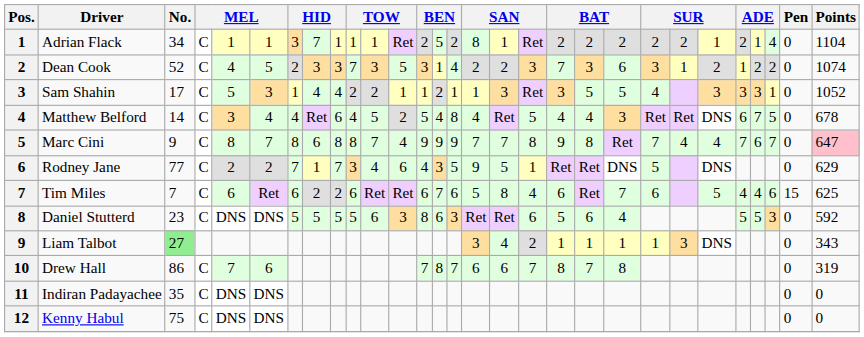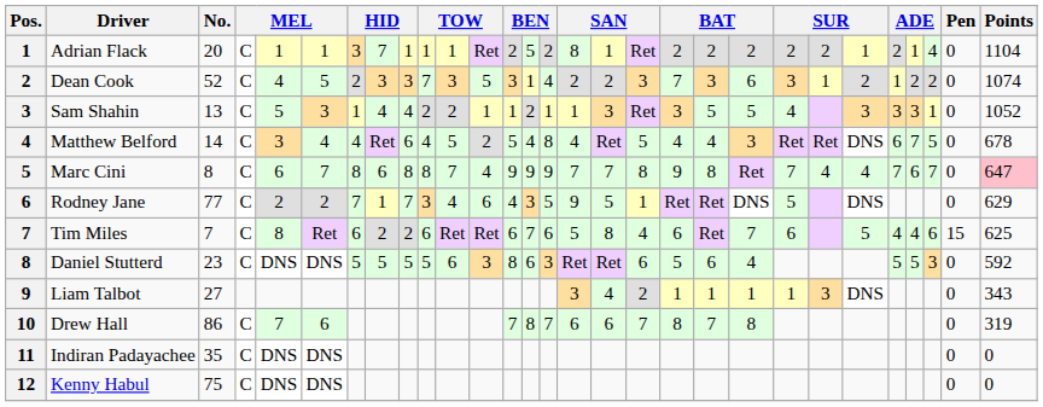 <table class="wikitable" style="font-size: 85%">
 <tr>
 <th>Pos.</th>
 <th>Driver</th>
 <th>No.</th>
 <th colspan="3"><a href='#'>MEL</a></th>
 <th colspan="3"><a href='#'>HID</a></th>
 <th colspan="3"><a href='#'>TOW</a></th>
 <th colspan="3"><a href='#'>BEN</a></th>
 <th colspan="3"><a href='#'>SAN</a></th>
 <th colspan="3"><a href='#'>BAT</a></th>
 <th colspan="3"><a href='#'>SUR</a></th>
 <th colspan=3><a href='#'>ADE</a></th>
 <th>Pen</th>
 <th>Points</th>
 </tr>
 <tr>
 <th>1</th>
 <td> Adrian Flack</td>
-<td>34</td>
+<td>20</td>
 <td align=center style=background:#ffffff>C</td>
 <td align=center style=background:#ffffbf>1</td>
 <td align=center style=background:#ffffbf>1</td>
 <td align=center style=background:#ffdf9f>3</td>
 <td align=center style=background:#dfffdf>7</td>
 <td align=center style=background:#ffffbf>1</td>
 <td align=center style=background:#ffffbf>1</td>
 <td align=center style=background:#ffffbf>1</td>
 <td align=center style=background:#efcfff>Ret</td>
 <td align=center style=background:#dfdfdf>2</td>
 <td align=center style=background:#dfffdf>5</td>
 <td align=center style=background:#dfdfdf>2</td>
 <td align=center style=background:#dfffdf>8</td>
 <td align=center style=background:#ffffbf>1</td>
 <td align=center style=background:#efcfff>Ret</td>
 <td align=center style=background:#dfdfdf>2</td>
 <td align=center style=background:#dfdfdf>2</td>
 <td align=center style=background:#dfdfdf>2</td>
 <td align=center style=background:#dfdfdf>2</td>
 <td align=center style=background:#dfdfdf>2</td>
 <td align=center style=background:#ffffbf>1</td>
 <td align=center style=background:#dfdfdf>2</td>
 <td align=center style=background:#ffffbf>1</td>
 <td align=center style=background:#dfffdf>4</td>
 <td>0</td>
 <td>1104</td>
 </tr>
 <tr>
 <th>2</th>
 <td> Dean Cook</td>
 <td>52</td>
 <td align=center style=background:#ffffff>C</td>
 <td align=center style=background:#dfffdf>4</td>
 <td align=center style=background:#dfffdf>5</td>
 <td align=center style=background:#dfdfdf>2</td>
 <td align=center style=background:#ffdf9f>3</td>
 <td align=center style=background:#ffdf9f>3</td>
 <td align=center style=background:#dfffdf>7</td>
 <td align=center style=background:#ffdf9f>3</td>
 <td align=center style=background:#dfffdf>5</td>
 <td align=center style=background:#ffdf9f>3</td>
 <td align=center style=background:#ffffbf>1</td>
 <td align=center style=background:#dfffdf>4</td>
 <td align=center style=background:#dfdfdf>2</td>
 <td align=center style=background:#dfdfdf>2</td>
 <td align=center style=background:#ffdf9f>3</td>
 <td align=center style=background:#dfffdf>7</td>
 <td align=center style=background:#ffdf9f>3</td>
 <td align=center style=background:#dfffdf>6</td>
 <td align=center style=background:#ffdf9f>3</td>
 <td align=center style=background:#ffffbf>1</td>
 <td align=center style=background:#dfdfdf>2</td>
 <td align=center style=background:#ffffbf>1</td>
 <td align=center style=background:#dfdfdf>2</td>
 <td align=center style=background:#dfdfdf>2</td>
 <td>0</td>
 <td>1074</td>
 </tr>
 <tr>
 <th>3</th>
 <td> Sam Shahin</td>
-<td>17</td>
+<td>13</td>
 <td align=center style=background:#ffffff>C</td>
 <td align=center style=background:#dfffdf>5</td>
 <td align=center style=background:#ffdf9f>3</td>
 <td align=center style=background:#ffffbf>1</td>
 <td align=center style=background:#dfffdf>4</td>
 <td align=center style=background:#dfffdf>4</td>
 <td align=center style=background:#dfdfdf>2</td>
 <td align=center style=background:#dfdfdf>2</td>
 <td align=center style=background:#ffffbf>1</td>
 <td align=center style=background:#ffffbf>1</td>
 <td align=center style=background:#dfdfdf>2</td>
 <td align=center style=background:#ffffbf>1</td>
 <td align=center style=background:#ffffbf>1</td>
 <td align=center style=background:#ffdf9f>3</td>
 <td align=center style=background:#efcfff>Ret</td>
 <td align=center style=background:#ffdf9f>3</td>
 <td align=center style=background:#dfffdf>5</td>
 <td align=center style=background:#dfffdf>5</td>
 <td align=center style=background:#dfffdf>4</td>
 <td align=center style=background:#efcfff></td>
 <td align=center style=background:#ffdf9f>3</td>
 <td align=center style=background:#ffdf9f>3</td>
 <td align=center style=background:#ffdf9f>3</td>
 <td align=center style=background:#ffffbf>1</td>
 <td>0</td>
 <td>1052</td>
 </tr>
 <tr>
 <th>4</th>
 <td> Matthew Belford</td>
 <td>14</td>
 <td align=center style=background:#ffffff>C</td>
 <td align=center style=background:#ffdf9f>3</td>
 <td align=center style=background:#dfffdf>4</td>
 <td align=center style=background:#dfffdf>4</td>
 <td align=center style=background:#efcfff>Ret</td>
 <td align=center style=background:#dfffdf>6</td>
 <td align=center style=background:#dfffdf>4</td>
 <td align=center style=background:#dfffdf>5</td>
 <td align=center style=background:#dfdfdf>2</td>
 <td align=center style=background:#dfffdf>5</td>
 <td align=center style=background:#dfffdf>4</td>
 <td align=center style=background:#dfffdf>8</td>
 <td align=center style=background:#dfffdf>4</td>
 <td align=center style=background:#efcfff>Ret</td>
 <td align=center style=background:#dfffdf>5</td>
 <td align=center style=background:#dfffdf>4</td>
 <td align=center style=background:#dfffdf>4</td>
 <td align=center style=background:#ffdf9f>3</td>
 <td align=center style=background:#efcfff>Ret</td>
 <td align=center style=background:#efcfff>Ret</td>
 <td align=center style=background:#ffffff>DNS</td>
 <td align=center style=background:#dfffdf>6</td>
 <td align=center style=background:#dfffdf>7</td>
 <td align=center style=background:#dfffdf>5</td>
 <td>0</td>
 <td>678</td>
 </tr>
 <tr>
 <th>5</th>
 <td> Marc Cini</td>
-<td>9</td>
+<td>8</td>
 <td align=center style=background:#ffffff>C</td>
-<td align=center style=background:#dfffdf>8</td>
+<td align=center style=background:#dfffdf>6</td>
 <td align=center style=background:#dfffdf>7</td>
 <td align=center style=background:#dfffdf>8</td>
 <td align=center style=background:#dfffdf>6</td>
 <td align=center style=background:#dfffdf>8</td>
 <td align=center style=background:#dfffdf>8</td>
 <td align=center style=background:#dfffdf>7</td>
 <td align=center style=background:#dfffdf>4</td>
 <td align=center style=background:#dfffdf>9</td>
 <td align=center style=background:#dfffdf>9</td>
 <td align=center style=background:#dfffdf>9</td>
 <td align=center style=background:#dfffdf>7</td>
 <td align=center style=background:#dfffdf>7</td>
 <td align=center style=background:#dfffdf>8</td>
 <td align=center style=background:#dfffdf>9</td>
 <td align=center style=background:#dfffdf>8</td>
 <td align=center style=background:#efcfff>Ret</td>
 <td align=center style=background:#dfffdf>7</td>
 <td align=center style=background:#dfffdf>4</td>
 <td align=center style=background:#dfffdf>4</td>
 <td align=center style=background:#dfffdf>7</td>
 <td align=center style=background:#dfffdf>6</td>
 <td align=center style=background:#dfffdf>7</td>
 <td>0</td>
 <td style="background: pink;">647</td>
 </tr>
 <tr>
 <th>6</th>
 <td> Rodney Jane</td>
 <td>77</td>
 <td align=center style=background:#ffffff>C</td>
 <td align=center style=background:#dfdfdf>2</td>
 <td align=center style=background:#dfdfdf>2</td>
 <td align=center style=background:#dfffdf>7</td>
 <td align=center style=background:#ffffbf>1</td>
 <td align=center style=background:#dfffdf>7</td>
 <td align=center style=background:#ffdf9f>3</td>
 <td align=center style=background:#dfffdf>4</td>
 <td align=center style=background:#dfffdf>6</td>
 <td align=center style=background:#dfffdf>4</td>
 <td align=center style=background:#ffdf9f>3</td>
 <td align=center style=background:#dfffdf>5</td>
 <td align=center style=background:#dfffdf>9</td>
 <td align=center style=background:#dfffdf>5</td>
 <td align=center style=background:#ffffbf>1</td>
 <td align=center style=background:#efcfff>Ret</td>
 <td align=center style=background:#efcfff>Ret</td>
 <td align=center style=background:#ffffff>DNS</td>
 <td align=center style=background:#dfffdf>5</td>
 <td align=center style=background:#efcfff></td>
 <td align=center style=background:#ffffff>DNS</td>
 <td></td>
 <td></td>
 <td></td>
 <td>0</td>
 <td>629</td>
 </tr>
 <tr>
 <th>7</th>
 <td> Tim Miles</td>
 <td>7</td>
 <td align=center style=background:#ffffff>C</td>
-<td align=center style=background:#dfffdf>6</td>
+<td align=center style=background:#dfffdf>8</td>
 <td align=center style=background:#efcfff>Ret</td>
 <td align=center style=background:#dfffdf>6</td>
 <td align=center style=background:#dfdfdf>2</td>
 <td align=center style=background:#dfdfdf>2</td>
 <td align=center style=background:#dfffdf>6</td>
 <td align=center style=background:#efcfff>Ret</td>
 <td align=center style=background:#efcfff>Ret</td>
 <td align=center style=background:#dfffdf>6</td>
 <td align=center style=background:#dfffdf>7</td>
 <td align=center style=background:#dfffdf>6</td>
 <td align=center style=background:#dfffdf>5</td>
 <td align=center style=background:#dfffdf>8</td>
 <td align=center style=background:#dfffdf>4</td>
 <td align=center style=background:#dfffdf>6</td>
 <td align=center style=background:#efcfff>Ret</td>
 <td align=center style=background:#dfffdf>7</td>
 <td align=center style=background:#dfffdf>6</td>
 <td align=center style=background:#efcfff></td>
 <td align=center style=background:#dfffdf>5</td>
 <td align=center style=background:#dfffdf>4</td>
 <td align=center style=background:#dfffdf>4</td>
 <td align=center style=background:#dfffdf>6</td>
 <td>15</td>
 <td>625</td>
 </tr>
 <tr>
 <th>8</th>
 <td> Daniel Stutterd</td>
 <td>23</td>
 <td align=center style=background:#ffffff>C</td>
 <td align=center style=background:#ffffff>DNS</td>
 <td align=center style=background:#ffffff>DNS</td>
 <td align=center style=background:#dfffdf>5</td>
 <td align=center style=background:#dfffdf>5</td>
 <td align=center style=background:#dfffdf>5</td>
 <td align=center style=background:#dfffdf>5</td>
 <td align=center style=background:#dfffdf>6</td>
 <td align=center style=background:#ffdf9f>3</td>
 <td align=center style=background:#dfffdf>8</td>
 <td align=center style=background:#dfffdf>6</td>
 <td align=center style=background:#ffdf9f>3</td>
 <td align=center style=background:#efcfff>Ret</td>
 <td align=center style=background:#efcfff>Ret</td>
 <td align=center style=background:#dfffdf>6</td>
 <td align=center style=background:#dfffdf>5</td>
 <td align=center style=background:#dfffdf>6</td>
 <td align=center style=background:#dfffdf>4</td>
 <td></td>
 <td></td>
 <td></td>
 <td align=center style=background:#dfffdf>5</td>
 <td align=center style=background:#dfffdf>5</td>
 <td align=center style=background:#ffdf9f>3</td>
 <td>0</td>
 <td>592</td>
 </tr>
 <tr>
 <th>9</th>
 <td> Liam Talbot</td>
-<td style="background: lightgreen;">27</td>
+<td>27</td>
 <td></td>
 <td></td>
 <td></td>
 <td></td>
 <td></td>
 <td></td>
 <td></td>
 <td></td>
 <td></td>
 <td></td>
 <td></td>
 <td></td>
 <td align=center style=background:#ffdf9f>3</td>
 <td align=center style=background:#dfffdf>4</td>
 <td align=center style=background:#dfdfdf>2</td>
 <td align=center style=background:#ffffbf>1</td>
 <td align=center style=background:#ffffbf>1</td>
 <td align=center style=background:#ffffbf>1</td>
 <td align=center style=background:#ffffbf>1</td>
 <td align=center style=background:#ffdf9f>3</td>
 <td align=center style=background:#ffffff>DNS</td>
 <td></td>
 <td></td>
 <td></td>
 <td>0</td>
 <td>343</td>
 </tr>
 <tr>
 <th>10</th>
 <td> Drew Hall</td>
 <td>86</td>
 <td align=center style=background:#ffffff>C</td>
 <td align=center style=background:#dfffdf>7</td>
 <td align=center style=background:#dfffdf>6</td>
 <td></td>
 <td></td>
 <td></td>
 <td></td>
 <td></td>
 <td></td>
 <td align=center style=background:#dfffdf>7</td>
 <td align=center style=background:#dfffdf>8</td>
 <td align=center style=background:#dfffdf>7</td>
 <td align=center style=background:#dfffdf>6</td>
 <td align=center style=background:#dfffdf>6</td>
 <td align=center style=background:#dfffdf>7</td>
 <td align=center style=background:#dfffdf>8</td>
 <td align=center style=background:#dfffdf>7</td>
 <td align=center style=background:#dfffdf>8</td>
 <td></td>
 <td></td>
 <td></td>
 <td></td>
 <td></td>
 <td></td>
 <td>0</td>
 <td>319</td>
 </tr>
 <tr>
 <th>11</th>
 <td> Indiran Padayachee</td>
 <td>35</td>
 <td align=center style=background:#ffffff>C</td>
 <td align=center style=background:#ffffff>DNS</td>
 <td align=center style=background:#ffffff>DNS</td>
 <td></td>
 <td></td>
 <td></td>
 <td></td>
 <td></td>
 <td></td>
 <td></td>
 <td></td>
 <td></td>
 <td></td>
 <td></td>
 <td></td>
 <td></td>
 <td></td>
 <td></td>
 <td></td>
 <td></td>
 <td></td>
 <td></td>
 <td></td>
 <td></td>
 <td>0</td>
 <td>0</td>
 </tr>
 <tr>
 <th>12</th>
 <td> <a href='#'>Kenny Habul</a></td>
 <td>75</td>
 <td align=center style=background:#ffffff>C</td>
 <td align=center style=background:#ffffff>DNS</td>
 <td align=center style=background:#ffffff>DNS</td>
 <td></td>
 <td></td>
 <td></td>
 <td></td>
 <td></td>
 <td></td>
 <td></td>
 <td></td>
 <td></td>
 <td></td>
 <td></td>
 <td></td>
 <td></td>
 <td></td>
 <td></td>
 <td></td>
 <td></td>
 <td></td>
 <td></td>
 <td></td>
 <td></td>
 <td>0</td>
 <td>0</td>
 </tr>
 <tr>
 </tr>
 </table>
